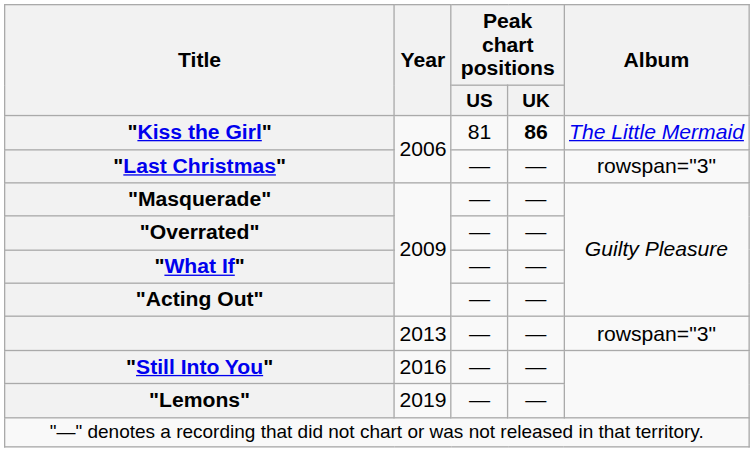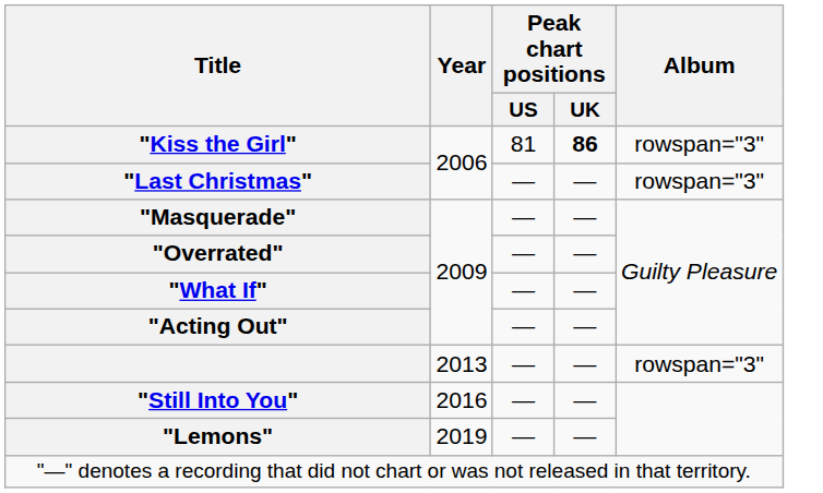 <table class="wikitable plainrowheaders" style="text-align:center;" border="1">
 <tr>
 <th scope="col" rowspan="2" style="width:18em;">Title</th>
 <th scope="col" rowspan="2">Year</th>
 <th scope="col" colspan="2">Peak<br>chart<br>positions</th>
 <th scope="col" rowspan="2">Album</th>
 </tr>
 <tr>
 <th scope="col" style="width:2.5em;font-size:90%;">US<br></th>
 <th scope="col" style="width:2.5em;font-size:90%;">UK<br></th>
 </tr>
 <tr>
 <th scope="row">"<a href='#'>Kiss the Girl</a>"</th>
 <td rowspan="2">2006</td>
 <td>81</td>
 <td><strong>86</strong></td>
-<td><em><a href='#'>The Little Mermaid</a></em></td>
+<td>rowspan="3" </td>
 </tr>
 <tr>
 <th scope="row">"<a href='#'>Last Christmas</a>"</th>
 <td>—</td>
 <td>—</td>
 <td>rowspan="3" </td>
 </tr>
 <tr>
 <th scope="row">"Masquerade"</th>
 <td rowspan="4">2009</td>
 <td>—</td>
 <td>—</td>
 <td rowspan="4"><em>Guilty Pleasure</em></td>
 </tr>
 <tr>
 <th scope="row">"Overrated"</th>
 <td>—</td>
 <td>—</td>
 </tr>
 <tr>
 <th scope="row">"<a href='#'>What If</a>"</th>
 <td>—</td>
 <td>—</td>
 </tr>
 <tr>
 <th scope="row">"Acting Out"</th>
 <td>—</td>
 <td>—</td>
 </tr>
 <tr>
 <th scope="row"></th>
 <td>2013</td>
 <td>—</td>
 <td>—</td>
 <td>rowspan="3" </td>
 </tr>
 <tr>
 <th scope="row">"<a href='#'>Still Into You</a>"<br></th>
 <td>2016</td>
 <td>—</td>
 <td>—</td>
 </tr>
 <tr>
 <th scope="row">"Lemons"</th>
 <td>2019</td>
 <td>—</td>
 <td>—</td>
 </tr>
 <tr>
 <td colspan="5" style="font-size:90%">"—" denotes a recording that did not chart or was not released in that territory.</td>
 </tr>
 </table>
